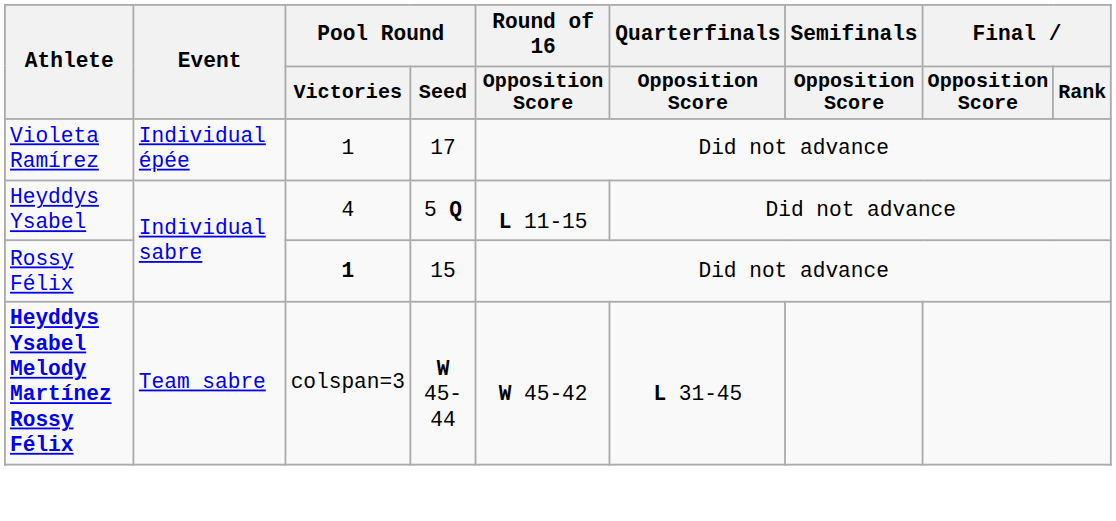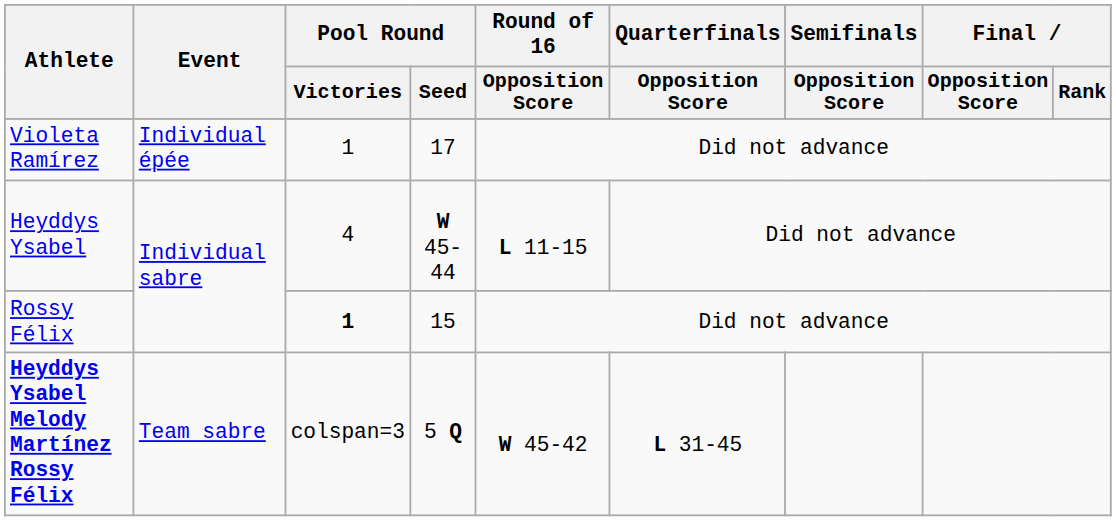 <table class=wikitable style="font-size:90%">
 <tr>
 <th rowspan="2">Athlete</th>
 <th rowspan="2">Event</th>
 <th colspan=2>Pool Round</th>
 <th>Round of 16</th>
 <th>Quarterfinals</th>
 <th>Semifinals</th>
 <th colspan=2>Final / </th>
 </tr>
 <tr style="font-size:95%">
 <th>Victories</th>
 <th>Seed</th>
 <th>Opposition<br>Score</th>
 <th>Opposition<br>Score</th>
 <th>Opposition<br>Score</th>
 <th>Opposition<br>Score</th>
 <th>Rank</th>
 </tr>
 <tr align=center>
 <td align=left><a href='#'>Violeta Ramírez</a></td>
 <td align=left><a href='#'>Individual épée</a></td>
 <td>1</td>
 <td>17</td>
 <td colspan=5>Did not advance</td>
 </tr>
 <tr align=center>
 <td align=left><a href='#'>Heyddys Ysabel</a></td>
 <td align=left rowspan=2><a href='#'>Individual sabre</a></td>
 <td>4</td>
-<td>5 <strong>Q</strong></td>
+<td><br><strong>W</strong> 45-44</td>
 <td><br><strong>L</strong> 11-15</td>
 <td colspan=4>Did not advance</td>
 </tr>
 <tr align=center>
 <td align=left><a href='#'>Rossy Félix</a></td>
 <td><strong>1</strong></td>
 <td>15</td>
 <td colspan=5>Did not advance</td>
 </tr>
 <tr align=center>
 <td align=left><strong><a href='#'>Heyddys Ysabel</a><br><a href='#'>Melody Martínez</a><br><a href='#'>Rossy Félix</a></strong></td>
 <td align=left><a href='#'>Team sabre</a></td>
 <td>colspan=3 </td>
-<td><br><strong>W</strong> 45-44</td>
+<td>5 <strong>Q</strong></td>
 <td><br><strong>W</strong> 45-42</td>
 <td><br><strong>L</strong> 31-45</td>
 <td></td>
 </tr>
 </table>
